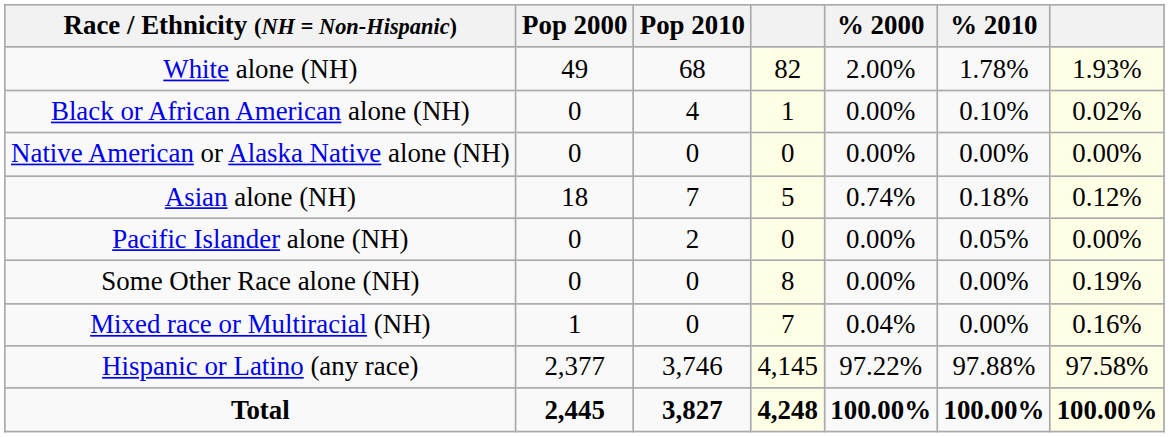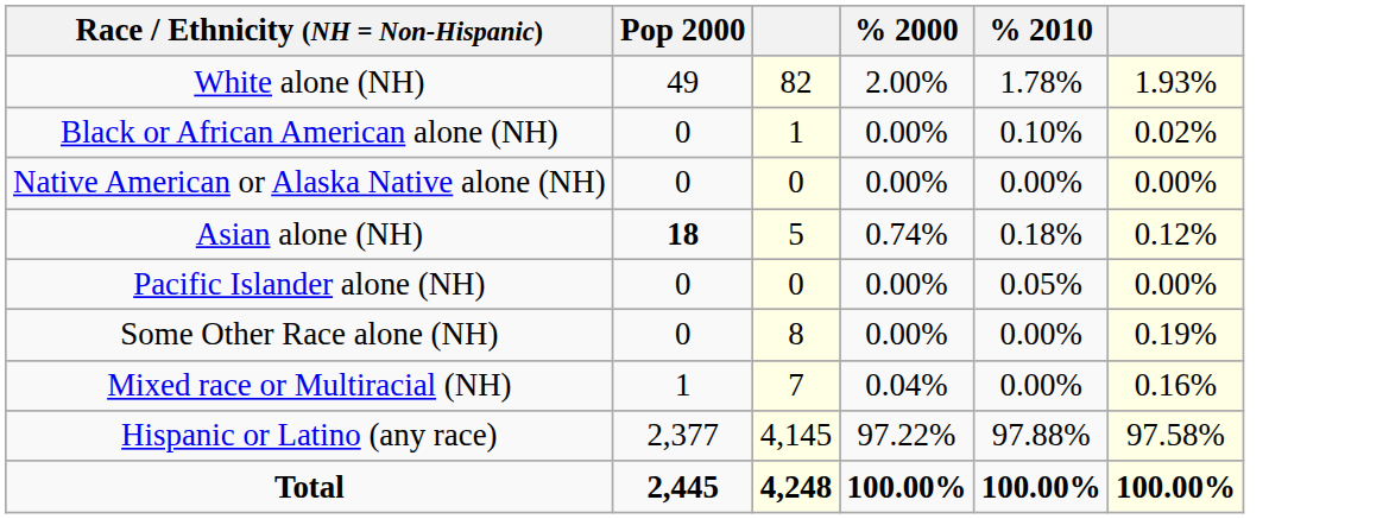 <table class="wikitable" style="text-align:center;">
 <tr>
 <th>Race / Ethnicity <small>(<em>NH = Non-Hispanic</em>)</small></th>
 <th>Pop 2000</th>
-<th>Pop 2010</th>
 <th></th>
 <th>% 2000</th>
 <th>% 2010</th>
 <th></th>
 </tr>
 <tr>
 <td><a href='#'>White</a> alone (NH)</td>
 <td>49</td>
-<td>68</td>
 <td style='background: #ffffe6;'>82</td>
 <td>2.00%</td>
 <td>1.78%</td>
 <td style='background: #ffffe6;'>1.93%</td>
 </tr>
 <tr>
 <td><a href='#'>Black or African American</a> alone (NH)</td>
 <td>0</td>
-<td>4</td>
 <td style='background: #ffffe6;'>1</td>
 <td>0.00%</td>
 <td>0.10%</td>
 <td style='background: #ffffe6;'>0.02%</td>
 </tr>
 <tr>
 <td><a href='#'>Native American</a> or <a href='#'>Alaska Native</a> alone (NH)</td>
 <td>0</td>
-<td>0</td>
 <td style='background: #ffffe6;'>0</td>
 <td>0.00%</td>
 <td>0.00%</td>
 <td style='background: #ffffe6;'>0.00%</td>
 </tr>
 <tr>
 <td><a href='#'>Asian</a> alone (NH)</td>
-<td>18</td>
-<td>7</td>
+<td><strong>18</strong></td>
 <td style='background: #ffffe6;'>5</td>
 <td>0.74%</td>
 <td>0.18%</td>
 <td style='background: #ffffe6;'>0.12%</td>
 </tr>
 <tr>
 <td><a href='#'>Pacific Islander</a> alone (NH)</td>
 <td>0</td>
-<td>2</td>
 <td style='background: #ffffe6;'>0</td>
 <td>0.00%</td>
 <td>0.05%</td>
 <td style='background: #ffffe6;'>0.00%</td>
 </tr>
 <tr>
 <td>Some Other Race alone (NH)</td>
-<td>0</td>
 <td>0</td>
 <td style='background: #ffffe6;'>8</td>
 <td>0.00%</td>
 <td>0.00%</td>
 <td style='background: #ffffe6;'>0.19%</td>
 </tr>
 <tr>
 <td><a href='#'>Mixed race or Multiracial</a> (NH)</td>
 <td>1</td>
-<td>0</td>
 <td style='background: #ffffe6;'>7</td>
 <td>0.04%</td>
 <td>0.00%</td>
 <td style='background: #ffffe6;'>0.16%</td>
 </tr>
 <tr>
 <td><a href='#'>Hispanic or Latino</a> (any race)</td>
 <td>2,377</td>
-<td>3,746</td>
 <td style='background: #ffffe6;'>4,145</td>
 <td>97.22%</td>
 <td>97.88%</td>
 <td style='background: #ffffe6;'>97.58%</td>
 </tr>
 <tr>
 <td><strong>Total</strong></td>
 <td><strong>2,445</strong></td>
-<td><strong>3,827</strong></td>
 <td style='background: #ffffe6;'><strong>4,248</strong></td>
 <td><strong>100.00%</strong></td>
 <td><strong>100.00%</strong></td>
 <td style='background: #ffffe6;'><strong>100.00%</strong></td>
 </tr>
 </table>
